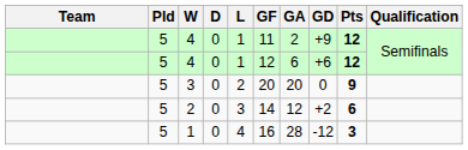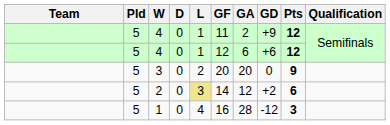 <table class="wikitable" style+"text-align:center;">
 <tr>
 <th width=150>Team</th>
 <th width=20>Pld</th>
 <th width=20>W</th>
 <th width=20>D</th>
 <th width=20>L</th>
 <th width=20>GF</th>
 <th width=20>GA</th>
 <th width=20>GD</th>
 <th width=20>Pts</th>
 <th>Qualification</th>
 </tr>
 <tr align=center bgcolor=ccffcc>
 <td align="left"></td>
 <td>5</td>
 <td>4</td>
 <td>0</td>
 <td>1</td>
 <td>11</td>
 <td>2</td>
 <td>+9</td>
 <td><strong>12</strong></td>
 <td rowspan=2>Semifinals</td>
 </tr>
 <tr align=center bgcolor=ccffcc>
 <td align="left"></td>
 <td>5</td>
 <td>4</td>
 <td>0</td>
 <td>1</td>
 <td>12</td>
 <td>6</td>
 <td>+6</td>
 <td><strong>12</strong></td>
 </tr>
 <tr align=center>
 <td align="left"></td>
 <td>5</td>
 <td>3</td>
 <td>0</td>
 <td>2</td>
 <td>20</td>
 <td>20</td>
 <td>0</td>
 <td><strong>9</strong></td>
 <td></td>
 </tr>
 <tr align=center>
 <td align="left"></td>
 <td>5</td>
 <td>2</td>
 <td>0</td>
-<td>3</td>
+<td style="background: khaki;">3</td>
 <td>14</td>
 <td>12</td>
 <td>+2</td>
 <td><strong>6</strong></td>
 <td></td>
 </tr>
 <tr align=center>
 <td align="left"></td>
 <td>5</td>
 <td>1</td>
 <td>0</td>
 <td>4</td>
 <td>16</td>
 <td>28</td>
 <td>-12</td>
 <td><strong>3</strong></td>
 <td></td>
 </tr>
 </table>
